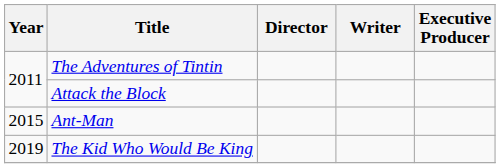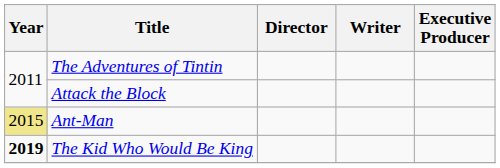 <table class="wikitable">
 <tr>
 <th>Year</th>
 <th>Title</th>
 <th width=65>Director</th>
 <th width=65>Writer</th>
 <th width=65>Executive<br>Producer</th>
 </tr>
 <tr>
 <td rowspan=2>2011</td>
 <td><em><a href='#'>The Adventures of Tintin</a></em></td>
 <td></td>
 <td></td>
 <td></td>
 </tr>
 <tr>
 <td><em><a href='#'>Attack the Block</a></em></td>
 <td></td>
 <td></td>
 <td></td>
 </tr>
 <tr>
-<td>2015</td>
+<td style="background: khaki;">2015</td>
 <td><em><a href='#'>Ant-Man</a></em></td>
 <td></td>
 <td></td>
 <td></td>
 </tr>
 <tr>
-<td>2019</td>
+<td><strong>2019</strong></td>
 <td><em><a href='#'>The Kid Who Would Be King</a></em></td>
 <td></td>
 <td></td>
 <td></td>
 </tr>
 <tr>
 </tr>
 </table>
